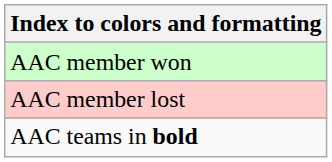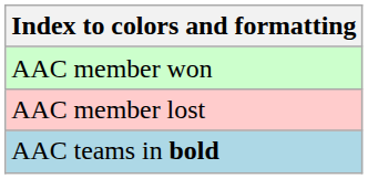 <table class="wikitable">
 <tr>
 <th>Index to colors and formatting</th>
 </tr>
 <tr style="background:#cfc;">
 <td>AAC member won</td>
 </tr>
 <tr style="background:#fcc;">
 <td>AAC member lost</td>
 </tr>
 <tr>
-<td>AAC teams in <strong>bold</strong></td>
+<td style="background: lightblue;">AAC teams in <strong>bold</strong></td>
 </tr>
 </table>
